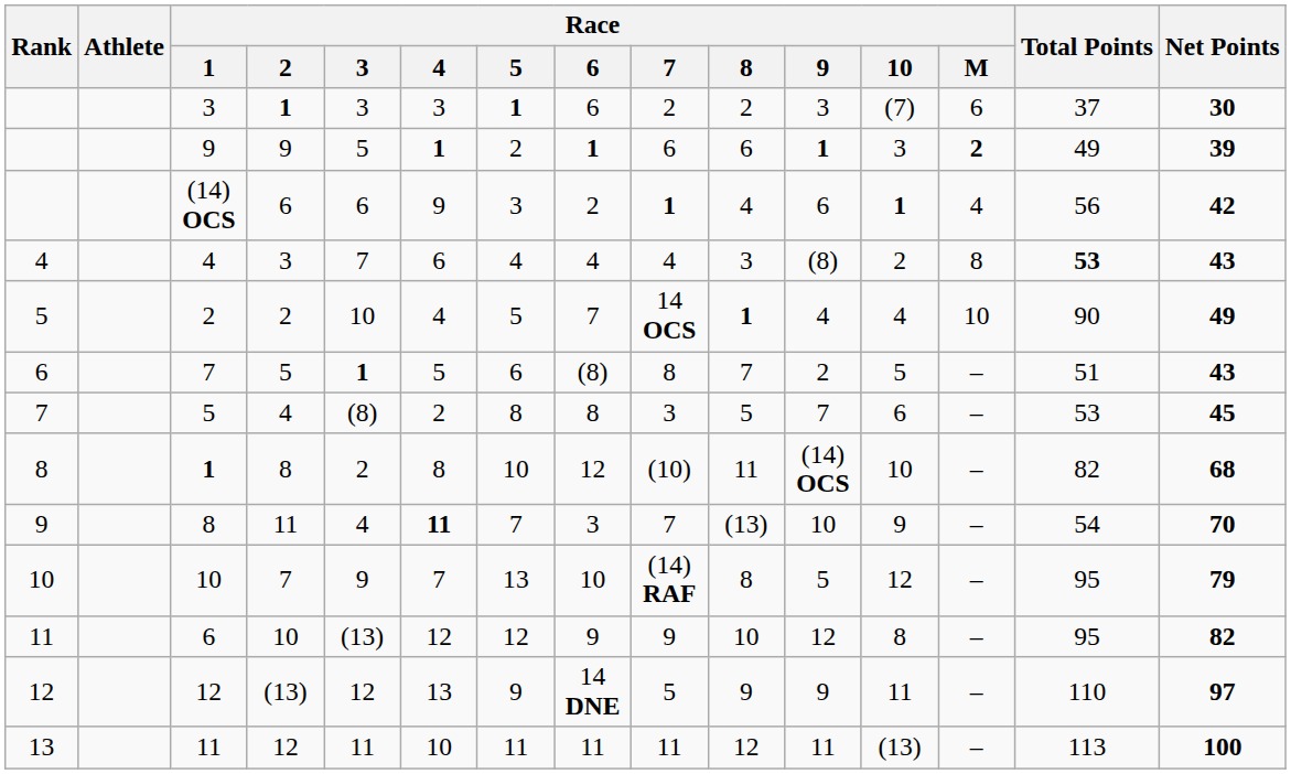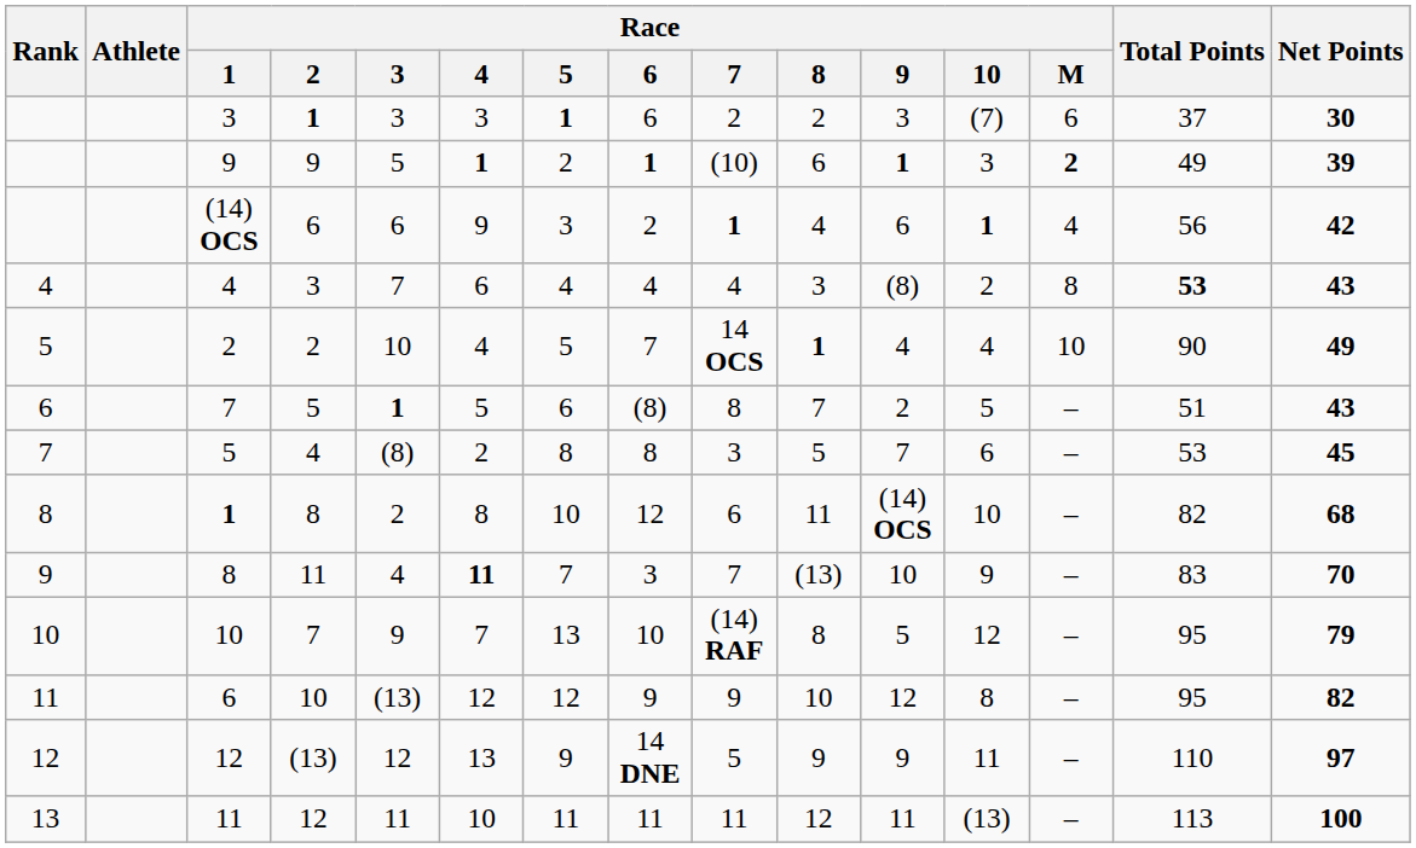 <table class="wikitable" style="text-align:center">
 <tr>
 <th rowspan="2">Rank</th>
 <th rowspan="2">Athlete</th>
 <th colspan="11">Race</th>
 <th rowspan="2">Total Points</th>
 <th rowspan="2">Net Points</th>
 </tr>
 <tr>
 <th width=40>1</th>
 <th width=40>2</th>
 <th width=40>3</th>
 <th width=40>4</th>
 <th width=40>5</th>
 <th width=40>6</th>
 <th width=40>7</th>
 <th width=40>8</th>
 <th width=40>9</th>
 <th width=40>10</th>
 <th width=40>M</th>
 </tr>
 <tr>
 <td></td>
 <td align=left></td>
 <td>3</td>
 <td><strong>1</strong></td>
 <td>3</td>
 <td>3</td>
 <td><strong>1</strong></td>
 <td>6</td>
 <td>2</td>
 <td>2</td>
 <td>3</td>
 <td>(7)</td>
 <td>6</td>
 <td align="center">37</td>
 <td align="center"><strong>30</strong></td>
 </tr>
 <tr>
 <td></td>
 <td align=left></td>
 <td>9</td>
 <td>9</td>
 <td>5</td>
 <td><strong>1</strong></td>
 <td>2</td>
 <td><strong>1</strong></td>
-<td>6</td>
+<td>(10)</td>
 <td>6</td>
 <td><strong>1</strong></td>
 <td>3</td>
 <td><strong>2</strong></td>
 <td align="center">49</td>
 <td align="center"><strong>39</strong></td>
 </tr>
 <tr>
 <td></td>
 <td align=left></td>
 <td>(14)<br><strong>OCS</strong></td>
 <td>6</td>
 <td>6</td>
 <td>9</td>
 <td>3</td>
 <td>2</td>
 <td><strong>1</strong></td>
 <td>4</td>
 <td>6</td>
 <td><strong>1</strong></td>
 <td>4</td>
 <td align="center">56</td>
 <td align="center"><strong>42</strong></td>
 </tr>
 <tr>
 <td>4</td>
 <td align=left></td>
 <td>4</td>
 <td>3</td>
 <td>7</td>
 <td>6</td>
 <td>4</td>
 <td>4</td>
 <td>4</td>
 <td>3</td>
 <td>(8)</td>
 <td>2</td>
 <td>8</td>
 <td align="center"><strong>53</strong></td>
 <td align="center"><strong>43</strong></td>
 </tr>
 <tr>
 <td>5</td>
 <td align=left></td>
 <td>2</td>
 <td>2</td>
 <td>10</td>
 <td>4</td>
 <td>5</td>
 <td>7</td>
 <td>14<br><strong>OCS</strong></td>
 <td><strong>1</strong></td>
 <td>4</td>
 <td>4</td>
 <td>10</td>
 <td align="center">90</td>
 <td align="center"><strong>49</strong></td>
 </tr>
 <tr>
 <td>6</td>
 <td align=left></td>
 <td>7</td>
 <td>5</td>
 <td><strong>1</strong></td>
 <td>5</td>
 <td>6</td>
 <td>(8)</td>
 <td>8</td>
 <td>7</td>
 <td>2</td>
 <td>5</td>
 <td>–</td>
 <td align="center">51</td>
 <td align="center"><strong>43</strong></td>
 </tr>
 <tr>
 <td>7</td>
 <td align=left></td>
 <td>5</td>
 <td>4</td>
 <td>(8)</td>
 <td>2</td>
 <td>8</td>
 <td>8</td>
 <td>3</td>
 <td>5</td>
 <td>7</td>
 <td>6</td>
 <td>–</td>
 <td align="center">53</td>
 <td align="center"><strong>45</strong></td>
 </tr>
 <tr>
 <td>8</td>
 <td align=left></td>
 <td><strong>1</strong></td>
 <td>8</td>
 <td>2</td>
 <td>8</td>
 <td>10</td>
 <td>12</td>
-<td>(10)</td>
+<td>6</td>
 <td>11</td>
 <td>(14)<br><strong>OCS</strong></td>
 <td>10</td>
 <td>–</td>
 <td align="center">82</td>
 <td align="center"><strong>68</strong></td>
 </tr>
 <tr>
 <td>9</td>
 <td align=left></td>
 <td>8</td>
 <td>11</td>
 <td>4</td>
 <td><strong>11</strong></td>
 <td>7</td>
 <td>3</td>
 <td>7</td>
 <td>(13)</td>
 <td>10</td>
 <td>9</td>
 <td>–</td>
-<td align="center">54</td>
+<td align="center">83</td>
 <td align="center"><strong>70</strong></td>
 </tr>
 <tr>
 <td>10</td>
 <td align=left></td>
 <td>10</td>
 <td>7</td>
 <td>9</td>
 <td>7</td>
 <td>13</td>
 <td>10</td>
 <td>(14)<br><strong>RAF</strong></td>
 <td>8</td>
 <td>5</td>
 <td>12</td>
 <td>–</td>
 <td align="center">95</td>
 <td align="center"><strong>79</strong></td>
 </tr>
 <tr>
 <td>11</td>
 <td align=left></td>
 <td>6</td>
 <td>10</td>
 <td>(13)</td>
 <td>12</td>
 <td>12</td>
 <td>9</td>
 <td>9</td>
 <td>10</td>
 <td>12</td>
 <td>8</td>
 <td>–</td>
 <td align="center">95</td>
 <td align="center"><strong>82</strong></td>
 </tr>
 <tr>
 <td>12</td>
 <td align=left></td>
 <td>12</td>
 <td>(13)</td>
 <td>12</td>
 <td>13</td>
 <td>9</td>
 <td>14<br><strong>DNE</strong></td>
 <td>5</td>
 <td>9</td>
 <td>9</td>
 <td>11</td>
 <td>–</td>
 <td align="center">110</td>
 <td align="center"><strong>97</strong></td>
 </tr>
 <tr>
 <td>13</td>
 <td align=left></td>
 <td>11</td>
 <td>12</td>
 <td>11</td>
 <td>10</td>
 <td>11</td>
 <td>11</td>
 <td>11</td>
 <td>12</td>
 <td>11</td>
 <td>(13)</td>
 <td>–</td>
 <td align="center">113</td>
 <td align="center"><strong>100</strong></td>
 </tr>
 </table>
